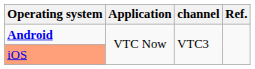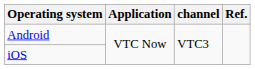 <table class="wikitable">
 <tr>
 <th>Operating system</th>
 <th>Application</th>
 <th>channel</th>
 <th>Ref.</th>
 </tr>
 <tr>
-<td><strong><a href='#'>Android</a></strong></td>
+<td><a href='#'>Android</a></td>
 <td rowspan="2" style="text-align:center;">VTC Now</td>
 <td rowspan="2">VTC3</td>
 <td rowspan="2"></td>
 </tr>
 <tr>
-<td style="background: lightsalmon;"><a href='#'>iOS</a></td>
+<td><a href='#'>iOS</a></td>
 </tr>
 </table>
